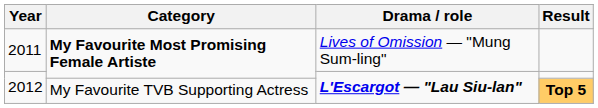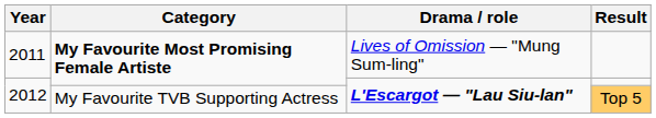 <table class="wikitable sortable">
 <tr>
 <th>Year</th>
 <th>Category</th>
 <th>Drama / role</th>
 <th>Result</th>
 </tr>
 <tr>
 <td>2011</td>
 <td rowspan=2><strong> My Favourite Most Promising Female Artiste </strong></td>
 <td><em><a href='#'>Lives of Omission</a></em> — "Mung Sum-ling"</td>
 <td></td>
 </tr>
 <tr>
 <td rowspan=2>2012</td>
 <td rowspan=2><strong><em><a href='#'>L'Escargot</a><em> — "Lau Siu-lan"<strong></td>
 <td></td>
 </tr>
 <tr>
 <td>My Favourite TVB Supporting Actress</td>
-<td style="background-color:#ffcc66; text-align:center;"><strong>Top 5</strong></td>
+<td style="background-color:#ffcc66; text-align:center;">Top 5</td>
 </tr>
 </table>
